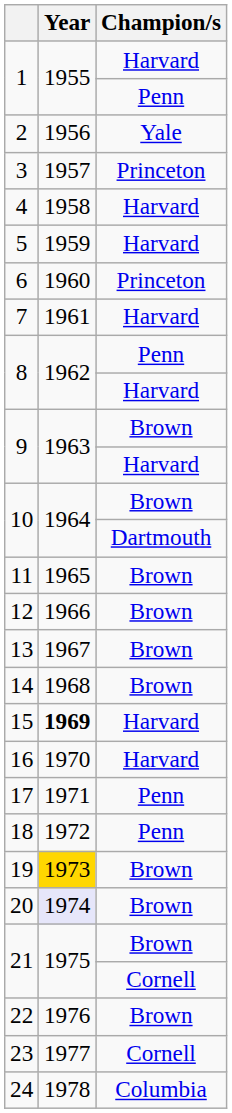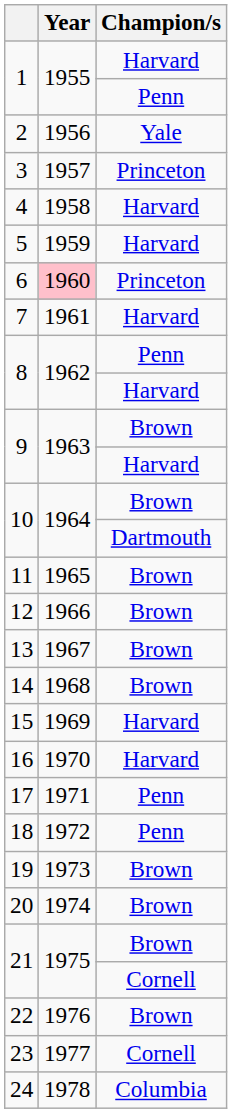 <table class="wikitable sortable" style="text-align:center">
 <tr>
 <th></th>
 <th>Year</th>
 <th>Champion/s</th>
 </tr>
 <tr>
 <td rowspan=2>1</td>
 <td rowspan=2>1955</td>
 <td><a href='#'>Harvard</a>  </td>
 </tr>
 <tr>
 <td><a href='#'>Penn</a>  </td>
 </tr>
 <tr>
 <td>2</td>
 <td>1956</td>
 <td><a href='#'>Yale</a> </td>
 </tr>
 <tr>
 <td>3</td>
 <td>1957</td>
 <td><a href='#'>Princeton</a> </td>
 </tr>
 <tr>
 <td>4</td>
 <td>1958</td>
 <td><a href='#'>Harvard</a> </td>
 </tr>
 <tr>
 <td>5</td>
 <td>1959</td>
 <td><a href='#'>Harvard</a> </td>
 </tr>
 <tr>
 <td>6</td>
-<td>1960</td>
+<td style="background: pink;">1960</td>
 <td><a href='#'>Princeton</a> </td>
 </tr>
 <tr>
 <td>7</td>
 <td>1961</td>
 <td><a href='#'>Harvard</a> </td>
 </tr>
 <tr>
 <td rowspan=2>8</td>
 <td rowspan=2>1962</td>
 <td><a href='#'>Penn</a>  </td>
 </tr>
 <tr>
 <td><a href='#'>Harvard</a>  </td>
 </tr>
 <tr>
 <td rowspan=2>9</td>
 <td rowspan=2>1963</td>
 <td><a href='#'>Brown</a>  </td>
 </tr>
 <tr>
 <td><a href='#'>Harvard</a>  </td>
 </tr>
 <tr>
 <td rowspan=2>10</td>
 <td rowspan=2>1964</td>
 <td><a href='#'>Brown</a>  </td>
 </tr>
 <tr>
 <td><a href='#'>Dartmouth</a>  </td>
 </tr>
 <tr>
 <td>11</td>
 <td>1965</td>
 <td><a href='#'>Brown</a> </td>
 </tr>
 <tr>
 <td>12</td>
 <td>1966</td>
 <td><a href='#'>Brown</a> </td>
 </tr>
 <tr>
 <td>13</td>
 <td>1967</td>
 <td><a href='#'>Brown</a> </td>
 </tr>
 <tr>
 <td>14</td>
 <td>1968</td>
 <td><a href='#'>Brown</a> </td>
 </tr>
 <tr>
 <td>15</td>
-<td><strong>1969</strong></td>
+<td>1969</td>
 <td><a href='#'>Harvard</a> </td>
 </tr>
 <tr>
 <td>16</td>
 <td>1970</td>
 <td><a href='#'>Harvard</a> </td>
 </tr>
 <tr>
 <td>17</td>
 <td>1971</td>
 <td><a href='#'>Penn</a> </td>
 </tr>
 <tr>
 <td>18</td>
 <td>1972</td>
 <td><a href='#'>Penn</a> </td>
 </tr>
 <tr>
 <td>19</td>
-<td style="background: gold;">1973</td>
+<td>1973</td>
 <td><a href='#'>Brown</a> </td>
 </tr>
 <tr>
 <td>20</td>
-<td style="background: lavender;">1974</td>
+<td>1974</td>
 <td><a href='#'>Brown</a> </td>
 </tr>
 <tr>
 <td rowspan=2>21</td>
 <td rowspan=2>1975</td>
 <td><a href='#'>Brown</a>  </td>
 </tr>
 <tr>
 <td><a href='#'>Cornell</a>  </td>
 </tr>
 <tr>
 <td>22</td>
 <td>1976</td>
 <td><a href='#'>Brown</a> </td>
 </tr>
 <tr>
 <td>23</td>
 <td>1977</td>
 <td><a href='#'>Cornell</a> </td>
 </tr>
 <tr>
 <td>24</td>
 <td>1978</td>
 <td><a href='#'>Columbia</a> </td>
 </tr>
 </table>
